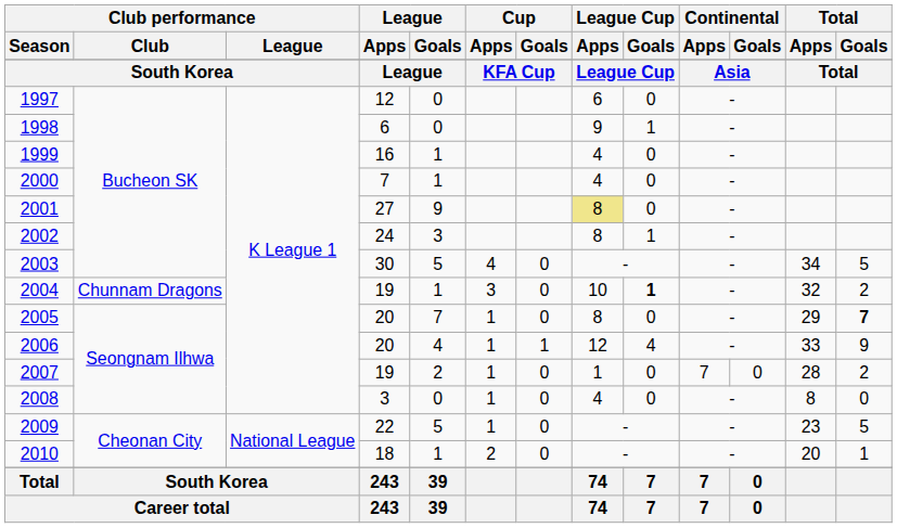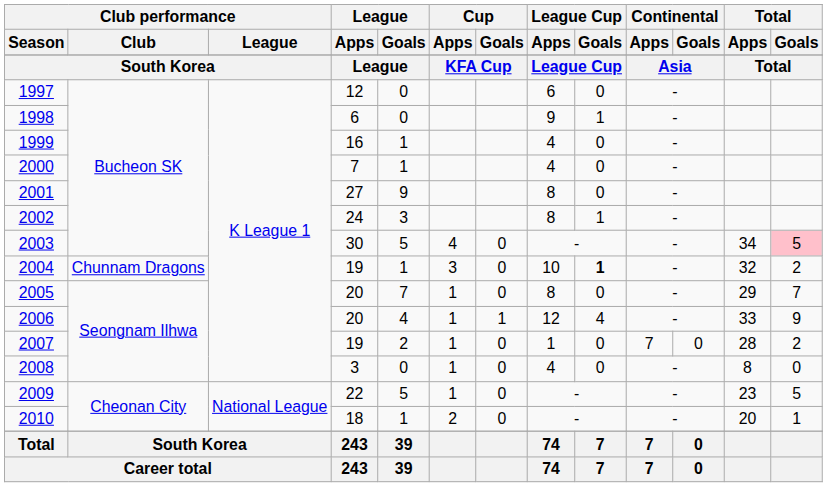 <table class="wikitable" style="text-align:center">
 <tr>
 <th colspan=3>Club performance</th>
 <th colspan=2>League</th>
 <th colspan=2>Cup</th>
 <th colspan=2>League Cup</th>
 <th colspan=2>Continental</th>
 <th colspan=2>Total</th>
 </tr>
 <tr>
 <th>Season</th>
 <th>Club</th>
 <th>League</th>
 <th>Apps</th>
 <th>Goals</th>
 <th>Apps</th>
 <th>Goals</th>
 <th>Apps</th>
 <th>Goals</th>
 <th>Apps</th>
 <th>Goals</th>
 <th>Apps</th>
 <th>Goals</th>
 </tr>
 <tr>
 </tr>
 <tr>
 <th colspan=3>South Korea</th>
 <th colspan=2>League</th>
 <th colspan=2><a href='#'>KFA Cup</a></th>
 <th colspan=2><a href='#'>League Cup</a></th>
 <th colspan=2><a href='#'>Asia</a></th>
 <th colspan=2>Total</th>
 </tr>
 <tr>
 <td><a href='#'>1997</a></td>
 <td rowspan="7"><a href='#'>Bucheon SK</a></td>
 <td rowspan="12"><a href='#'>K League 1</a></td>
 <td>12</td>
 <td>0</td>
 <td></td>
 <td></td>
 <td>6</td>
 <td>0</td>
 <td colspan="2">-</td>
 <td></td>
 <td></td>
 </tr>
 <tr>
 <td><a href='#'>1998</a></td>
 <td>6</td>
 <td>0</td>
 <td></td>
 <td></td>
 <td>9</td>
 <td>1</td>
 <td colspan="2">-</td>
 <td></td>
 <td></td>
 </tr>
 <tr>
 <td><a href='#'>1999</a></td>
 <td>16</td>
 <td>1</td>
 <td></td>
 <td></td>
 <td>4</td>
 <td>0</td>
 <td colspan="2">-</td>
 <td></td>
 <td></td>
 </tr>
 <tr>
 <td><a href='#'>2000</a></td>
 <td>7</td>
 <td>1</td>
 <td></td>
 <td></td>
 <td>4</td>
 <td>0</td>
 <td colspan="2">-</td>
 <td></td>
 <td></td>
 </tr>
 <tr>
 <td><a href='#'>2001</a></td>
 <td>27</td>
 <td>9</td>
 <td></td>
 <td></td>
-<td style="background: khaki;">8</td>
+<td>8</td>
 <td>0</td>
 <td colspan="2">-</td>
 <td></td>
 <td></td>
 </tr>
 <tr>
 <td><a href='#'>2002</a></td>
 <td>24</td>
 <td>3</td>
 <td></td>
 <td></td>
 <td>8</td>
 <td>1</td>
 <td colspan="2">-</td>
 <td></td>
 <td></td>
 </tr>
 <tr>
 <td><a href='#'>2003</a></td>
 <td>30</td>
 <td>5</td>
 <td>4</td>
 <td>0</td>
 <td colspan="2">-</td>
 <td colspan="2">-</td>
 <td>34</td>
-<td>5</td>
+<td style="background: pink;">5</td>
 </tr>
 <tr>
 <td><a href='#'>2004</a></td>
 <td><a href='#'>Chunnam Dragons</a></td>
 <td>19</td>
 <td>1</td>
 <td>3</td>
 <td>0</td>
 <td>10</td>
 <td><strong>1</strong></td>
 <td colspan="2">-</td>
 <td>32</td>
 <td>2</td>
 </tr>
 <tr>
 <td><a href='#'>2005</a></td>
 <td rowspan="4"><a href='#'>Seongnam Ilhwa</a></td>
 <td>20</td>
 <td>7</td>
 <td>1</td>
 <td>0</td>
 <td>8</td>
 <td>0</td>
 <td colspan="2">-</td>
 <td>29</td>
-<td><strong>7</strong></td>
+<td>7</td>
 </tr>
 <tr>
 <td><a href='#'>2006</a></td>
 <td>20</td>
 <td>4</td>
 <td>1</td>
 <td>1</td>
 <td>12</td>
 <td>4</td>
 <td colspan="2">-</td>
 <td>33</td>
 <td>9</td>
 </tr>
 <tr>
 <td><a href='#'>2007</a></td>
 <td>19</td>
 <td>2</td>
 <td>1</td>
 <td>0</td>
 <td>1</td>
 <td>0</td>
 <td>7</td>
 <td>0</td>
 <td>28</td>
 <td>2</td>
 </tr>
 <tr>
 <td><a href='#'>2008</a></td>
 <td>3</td>
 <td>0</td>
 <td>1</td>
 <td>0</td>
 <td>4</td>
 <td>0</td>
 <td colspan="2">-</td>
 <td>8</td>
 <td>0</td>
 </tr>
 <tr>
 <td><a href='#'>2009</a></td>
 <td rowspan="2"><a href='#'>Cheonan City</a></td>
 <td rowspan="2"><a href='#'>National League</a></td>
 <td>22</td>
 <td>5</td>
 <td>1</td>
 <td>0</td>
 <td colspan="2">-</td>
 <td colspan="2">-</td>
 <td>23</td>
 <td>5</td>
 </tr>
 <tr>
 <td><a href='#'>2010</a></td>
 <td>18</td>
 <td>1</td>
 <td>2</td>
 <td>0</td>
 <td colspan="2">-</td>
 <td colspan="2">-</td>
 <td>20</td>
 <td>1</td>
 </tr>
 <tr>
 </tr>
 <tr>
 <th rowspan=1>Total</th>
 <th colspan=2>South Korea</th>
 <th>243</th>
 <th>39</th>
 <th></th>
 <th></th>
 <th>74</th>
 <th>7</th>
 <th>7</th>
 <th>0</th>
 <th></th>
 <th></th>
 </tr>
 <tr>
 <th colspan=3>Career total</th>
 <th>243</th>
 <th>39</th>
 <th></th>
 <th></th>
 <th>74</th>
 <th>7</th>
 <th>7</th>
 <th>0</th>
 <th></th>
 <th></th>
 </tr>
 </table>
